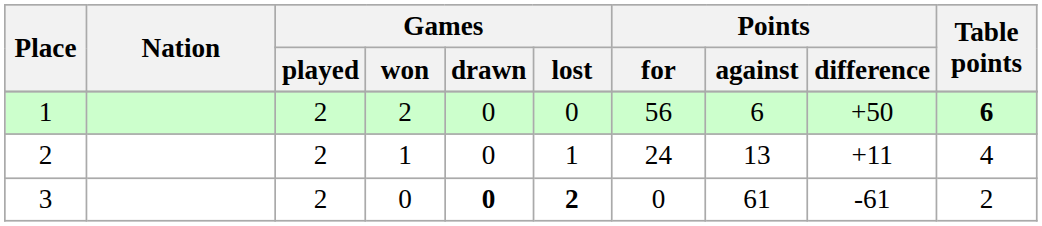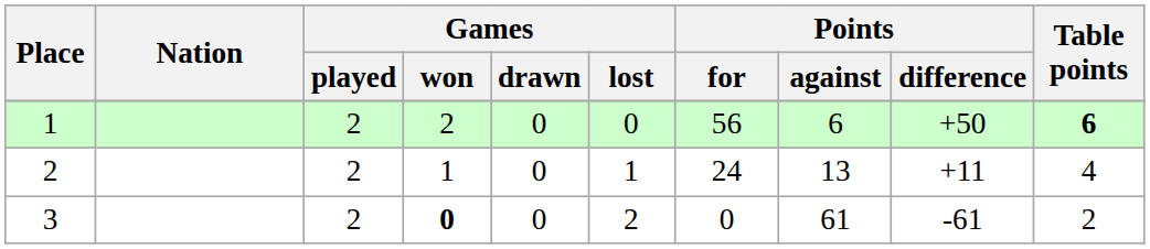 <table class="wikitable">
 <tr>
 <th rowspan=2 width="8%">Place</th>
 <th rowspan=2 width="20%">Nation</th>
 <th colspan=4 width="32%">Games</th>
 <th colspan=3 width="30%">Points</th>
 <th rowspan=2 width="10%">Table<br>points</th>
 </tr>
 <tr>
 <th width="8%">played</th>
 <th width="8%">won</th>
 <th width="8%">drawn</th>
 <th width="8%">lost</th>
 <th width="10%">for</th>
 <th width="10%">against</th>
 <th width="10%">difference</th>
 </tr>
 <tr>
 </tr>
 <tr bgcolor=#ccffcc align=center>
 <td>1</td>
 <td align=left><strong></strong></td>
 <td>2</td>
 <td>2</td>
 <td>0</td>
 <td>0</td>
 <td>56</td>
 <td>6</td>
 <td>+50</td>
 <td><strong>6</strong></td>
 </tr>
 <tr bgcolor=#ffffff align=center>
 <td>2</td>
 <td align=left></td>
 <td>2</td>
 <td>1</td>
 <td>0</td>
 <td>1</td>
 <td>24</td>
 <td>13</td>
 <td>+11</td>
 <td>4</td>
 </tr>
 <tr bgcolor=#ffffff align=center>
 <td>3</td>
 <td align=left></td>
 <td>2</td>
+<td><strong>0</strong></td>
 <td>0</td>
-<td><strong>0</strong></td>
-<td><strong>2</strong></td>
+<td>2</td>
 <td>0</td>
 <td>61</td>
 <td>-61</td>
 <td>2</td>
 </tr>
 </table>
